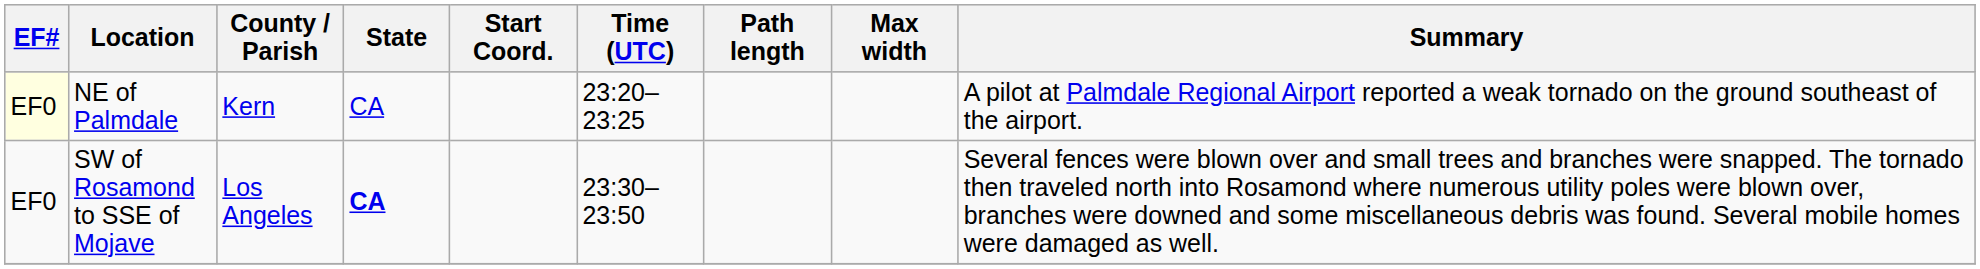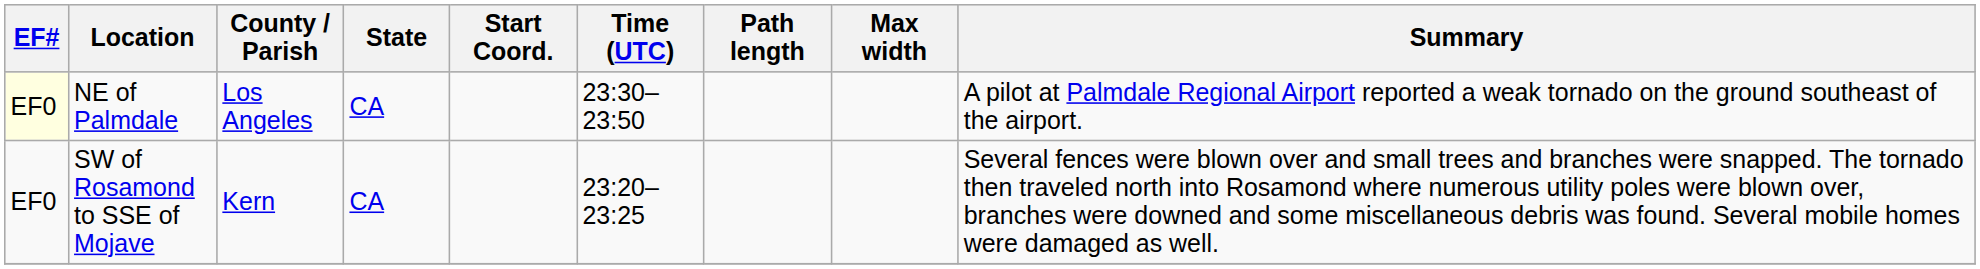 <table class="wikitable sortable" style="width:100%;">
 <tr>
 <th scope="col"  style="width:3%; text-align:center;"><a href='#'>EF#</a></th>
 <th scope="col"  style="width:7%; text-align:center;" class="unsortable">Location</th>
 <th scope="col"  style="width:6%; text-align:center;" class="unsortable">County / Parish</th>
 <th scope="col"  style="width:5%; text-align:center;">State</th>
 <th scope="col"  style="width:6%; text-align:center;">Start Coord.</th>
 <th scope="col"  style="width:6%; text-align:center;">Time (<a href='#'>UTC</a>)</th>
 <th scope="col"  style="width:6%; text-align:center;">Path length</th>
 <th scope="col"  style="width:6%; text-align:center;">Max width</th>
 <th scope="col" class="unsortable" style="width:48%; text-align:center;">Summary</th>
 </tr>
 <tr>
 <td style="background: lightyellow;">EF0</td>
 <td>NE of <a href='#'>Palmdale</a></td>
-<td><a href='#'>Kern</a></td>
+<td><a href='#'>Los Angeles</a></td>
 <td><a href='#'>CA</a></td>
 <td></td>
-<td>23:20–23:25</td>
+<td>23:30–23:50</td>
 <td></td>
 <td></td>
 <td>A pilot at <a href='#'>Palmdale Regional Airport</a> reported a weak tornado on the ground southeast of the airport.</td>
 </tr>
 <tr>
 <td>EF0</td>
 <td>SW of <a href='#'>Rosamond</a> to SSE of <a href='#'>Mojave</a></td>
-<td><a href='#'>Los Angeles</a></td>
-<td><strong><a href='#'>CA</a></strong></td>
+<td><a href='#'>Kern</a></td>
+<td><a href='#'>CA</a></td>
 <td></td>
-<td>23:30–23:50</td>
+<td>23:20–23:25</td>
 <td></td>
 <td></td>
 <td>Several fences were blown over and small trees and branches were snapped. The tornado then traveled north into Rosamond where numerous utility poles were blown over, branches were downed and some miscellaneous debris was found. Several mobile homes were damaged as well.</td>
 </tr>
 <tr>
 </tr>
 </table>
